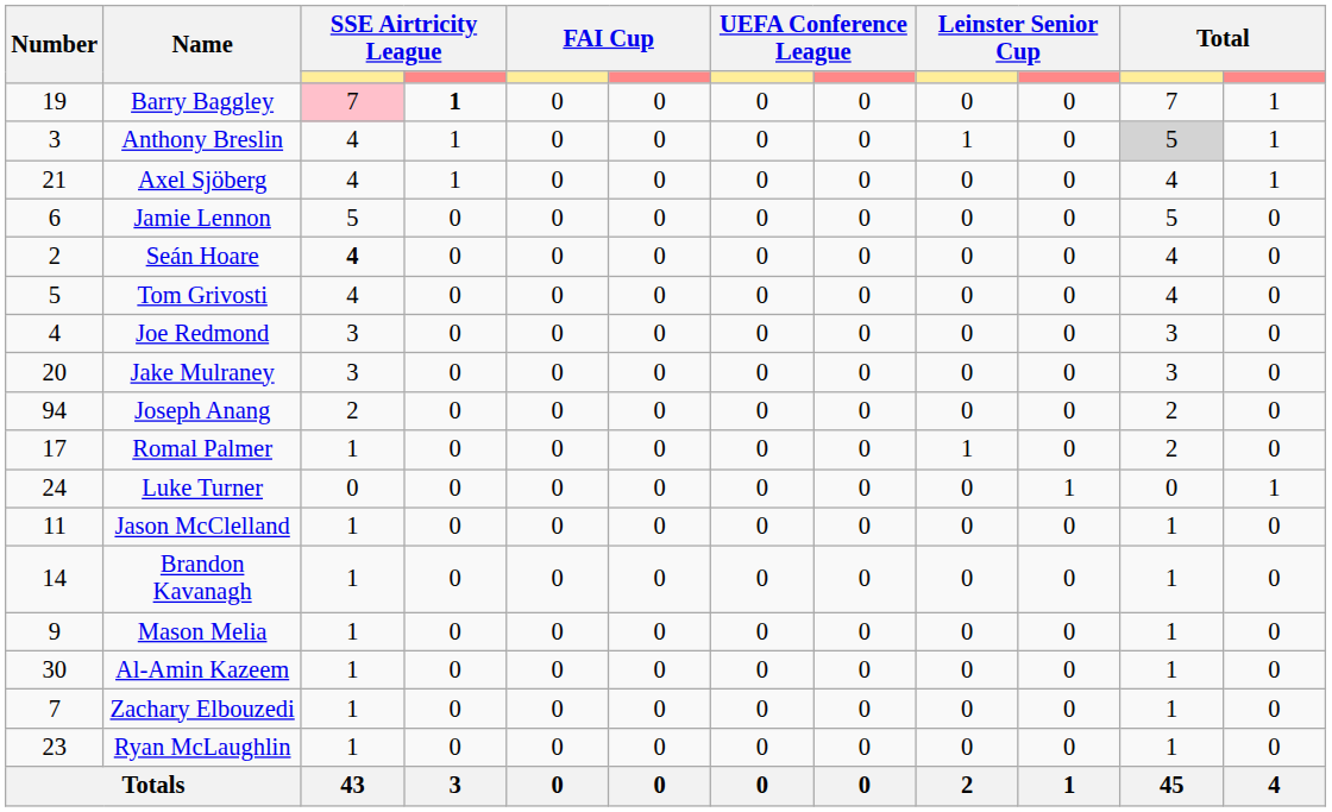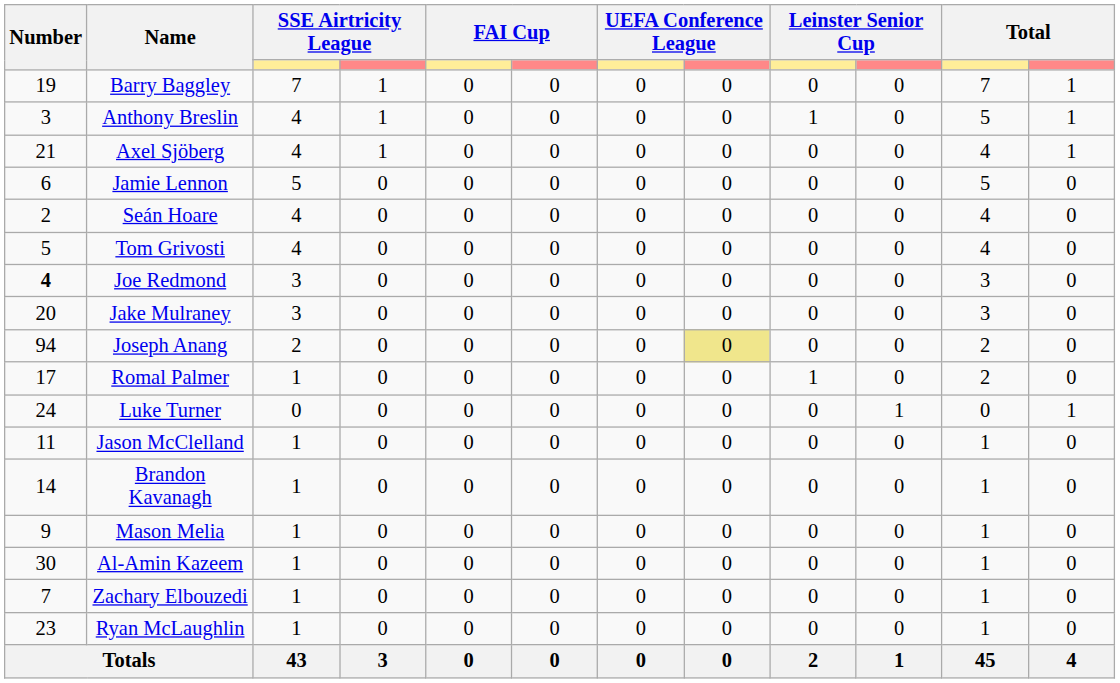 <table class="wikitable" style="text-align:center">
 <tr>
 <th rowspan="2" style="width:5%">Number</th>
 <th rowspan="2" style="width:15%">Name</th>
 <th colspan="2"><a href='#'>SSE Airtricity League</a></th>
 <th colspan="2"><a href='#'>FAI Cup</a></th>
 <th colspan="2"><a href='#'>UEFA Conference League</a></th>
 <th colspan="2"><a href='#'>Leinster Senior Cup</a></th>
 <th colspan="2">Total</th>
 </tr>
 <tr>
 <th style="width:50px;background:#fe9"></th>
 <th style="width:50px;background:#f88"></th>
 <th style="width:50px;background:#fe9"></th>
 <th style="width:50px;background:#f88"></th>
 <th style="width:50px;background:#fe9"></th>
 <th style="width:50px;background:#f88"></th>
 <th style="width:50px;background:#fe9"></th>
 <th style="width:50px;background:#f88"></th>
 <th style="width:50px;background:#fe9"></th>
 <th style="width:50px;background:#f88"></th>
 </tr>
 <tr>
 <td>19</td>
 <td><a href='#'>Barry Baggley</a></td>
-<td style="background: pink;">7</td>
-<td><strong>1</strong></td>
+<td>7</td>
+<td>1</td>
 <td>0</td>
 <td>0</td>
 <td>0</td>
 <td>0</td>
 <td>0</td>
 <td>0</td>
 <td>7</td>
 <td>1</td>
 </tr>
 <tr>
 <td>3</td>
 <td><a href='#'>Anthony Breslin</a></td>
 <td>4</td>
 <td>1</td>
 <td>0</td>
 <td>0</td>
 <td>0</td>
 <td>0</td>
 <td>1</td>
 <td>0</td>
-<td style="background: lightgrey;">5</td>
+<td>5</td>
 <td>1</td>
 </tr>
 <tr>
 <td>21</td>
 <td><a href='#'>Axel Sjöberg</a></td>
 <td>4</td>
 <td>1</td>
 <td>0</td>
 <td>0</td>
 <td>0</td>
 <td>0</td>
 <td>0</td>
 <td>0</td>
 <td>4</td>
 <td>1</td>
 </tr>
 <tr>
 <td>6</td>
 <td><a href='#'>Jamie Lennon</a></td>
 <td>5</td>
 <td>0</td>
 <td>0</td>
 <td>0</td>
 <td>0</td>
 <td>0</td>
 <td>0</td>
 <td>0</td>
 <td>5</td>
 <td>0</td>
 </tr>
 <tr>
 <td>2</td>
 <td><a href='#'>Seán Hoare</a></td>
-<td><strong>4</strong></td>
+<td>4</td>
 <td>0</td>
 <td>0</td>
 <td>0</td>
 <td>0</td>
 <td>0</td>
 <td>0</td>
 <td>0</td>
 <td>4</td>
 <td>0</td>
 </tr>
 <tr>
 <td>5</td>
 <td><a href='#'>Tom Grivosti</a></td>
 <td>4</td>
 <td>0</td>
 <td>0</td>
 <td>0</td>
 <td>0</td>
 <td>0</td>
 <td>0</td>
 <td>0</td>
 <td>4</td>
 <td>0</td>
 </tr>
 <tr>
-<td>4</td>
+<td><strong>4</strong></td>
 <td><a href='#'>Joe Redmond</a></td>
 <td>3</td>
 <td>0</td>
 <td>0</td>
 <td>0</td>
 <td>0</td>
 <td>0</td>
 <td>0</td>
 <td>0</td>
 <td>3</td>
 <td>0</td>
 </tr>
 <tr>
 <td>20</td>
 <td><a href='#'>Jake Mulraney</a></td>
 <td>3</td>
 <td>0</td>
 <td>0</td>
 <td>0</td>
 <td>0</td>
 <td>0</td>
 <td>0</td>
 <td>0</td>
 <td>3</td>
 <td>0</td>
 </tr>
 <tr>
 <td>94</td>
 <td><a href='#'>Joseph Anang</a></td>
 <td>2</td>
 <td>0</td>
 <td>0</td>
 <td>0</td>
 <td>0</td>
-<td>0</td>
+<td style="background: khaki;">0</td>
 <td>0</td>
 <td>0</td>
 <td>2</td>
 <td>0</td>
 </tr>
 <tr>
 <td>17</td>
 <td><a href='#'>Romal Palmer</a></td>
 <td>1</td>
 <td>0</td>
 <td>0</td>
 <td>0</td>
 <td>0</td>
 <td>0</td>
 <td>1</td>
 <td>0</td>
 <td>2</td>
 <td>0</td>
 </tr>
 <tr>
 <td>24</td>
 <td><a href='#'>Luke Turner</a></td>
 <td>0</td>
 <td>0</td>
 <td>0</td>
 <td>0</td>
 <td>0</td>
 <td>0</td>
 <td>0</td>
 <td>1</td>
 <td>0</td>
 <td>1</td>
 </tr>
 <tr>
 <td>11</td>
 <td><a href='#'>Jason McClelland</a></td>
 <td>1</td>
 <td>0</td>
 <td>0</td>
 <td>0</td>
 <td>0</td>
 <td>0</td>
 <td>0</td>
 <td>0</td>
 <td>1</td>
 <td>0</td>
 </tr>
 <tr>
 <td>14</td>
 <td><a href='#'>Brandon Kavanagh</a></td>
 <td>1</td>
 <td>0</td>
 <td>0</td>
 <td>0</td>
 <td>0</td>
 <td>0</td>
 <td>0</td>
 <td>0</td>
 <td>1</td>
 <td>0</td>
 </tr>
 <tr>
 <td>9</td>
 <td><a href='#'>Mason Melia</a></td>
 <td>1</td>
 <td>0</td>
 <td>0</td>
 <td>0</td>
 <td>0</td>
 <td>0</td>
 <td>0</td>
 <td>0</td>
 <td>1</td>
 <td>0</td>
 </tr>
 <tr>
 <td>30</td>
 <td><a href='#'>Al-Amin Kazeem</a></td>
 <td>1</td>
 <td>0</td>
 <td>0</td>
 <td>0</td>
 <td>0</td>
 <td>0</td>
 <td>0</td>
 <td>0</td>
 <td>1</td>
 <td>0</td>
 </tr>
 <tr>
 <td>7</td>
 <td><a href='#'>Zachary Elbouzedi</a></td>
 <td>1</td>
 <td>0</td>
 <td>0</td>
 <td>0</td>
 <td>0</td>
 <td>0</td>
 <td>0</td>
 <td>0</td>
 <td>1</td>
 <td>0</td>
 </tr>
 <tr>
 <td>23</td>
 <td><a href='#'>Ryan McLaughlin</a></td>
 <td>1</td>
 <td>0</td>
 <td>0</td>
 <td>0</td>
 <td>0</td>
 <td>0</td>
 <td>0</td>
 <td>0</td>
 <td>1</td>
 <td>0</td>
 </tr>
 <tr>
 <th colspan="2">Totals</th>
 <th>43</th>
 <th>3</th>
 <th>0</th>
 <th>0</th>
 <th>0</th>
 <th>0</th>
 <th>2</th>
 <th>1</th>
 <th>45</th>
 <th>4</th>
 </tr>
 </table>
